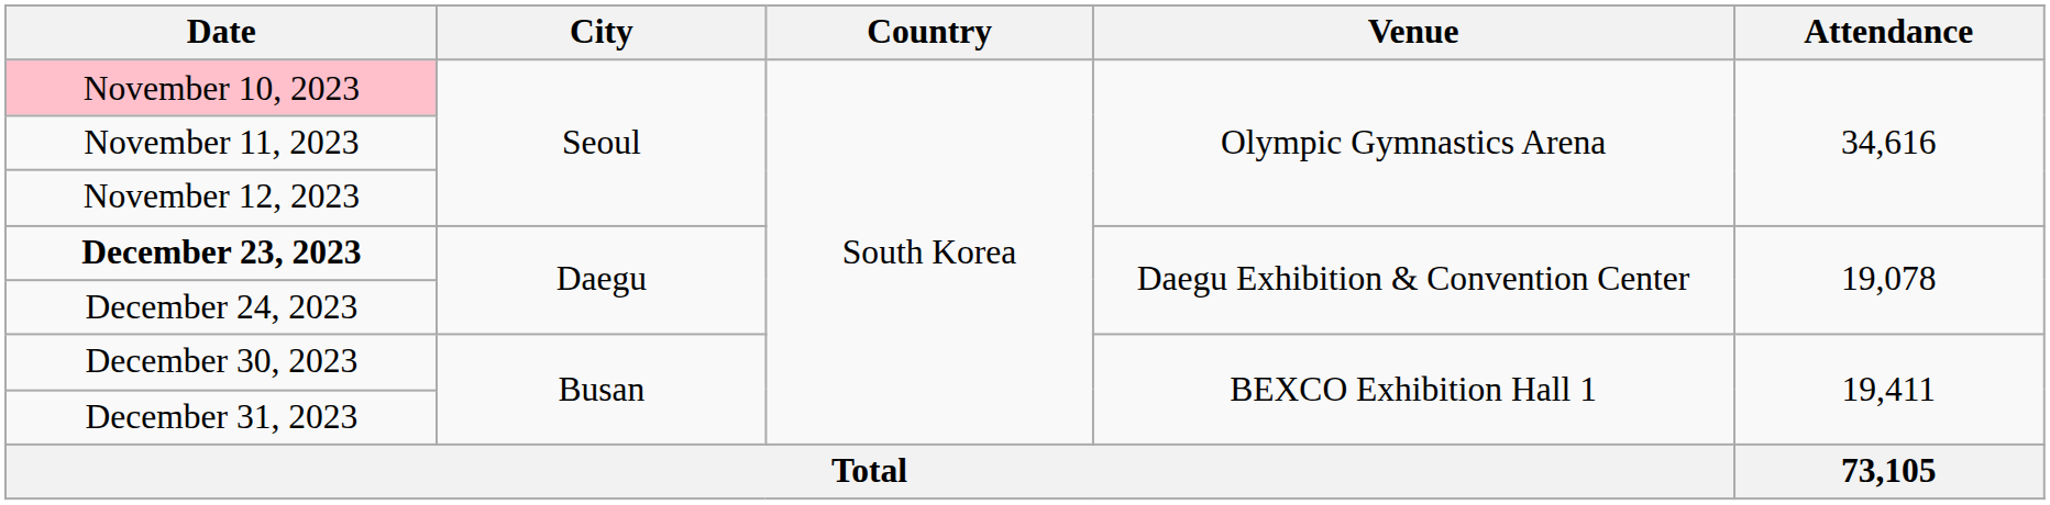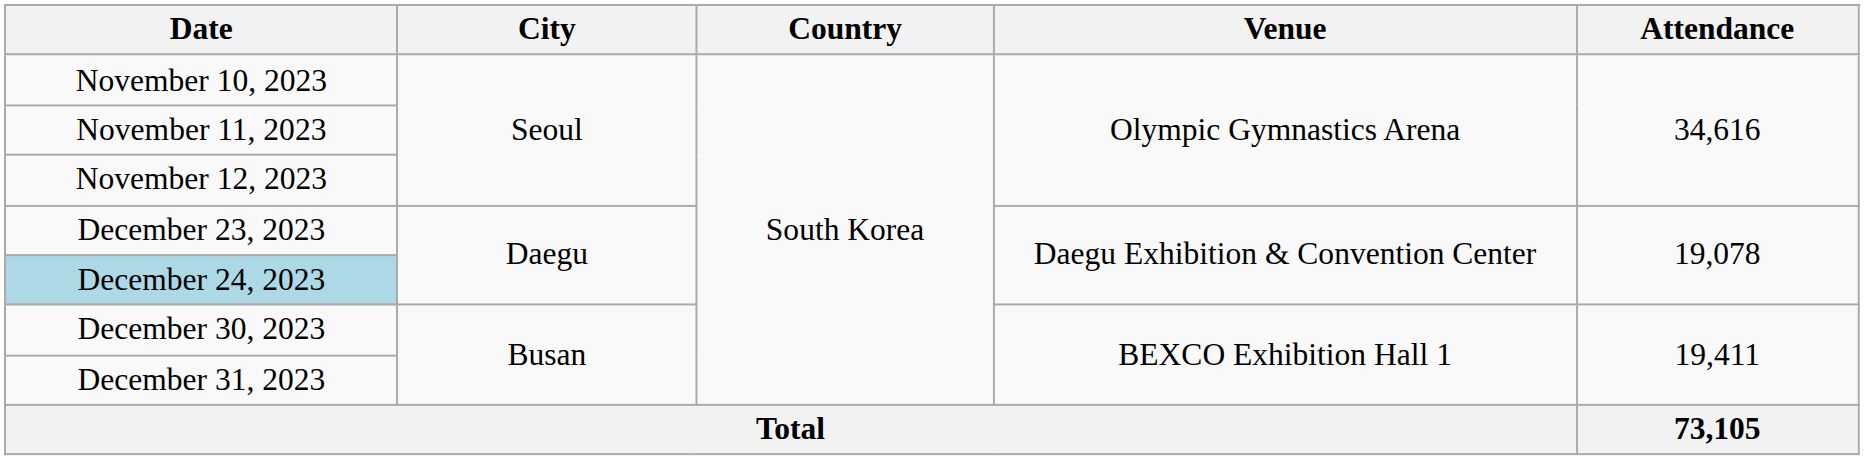 <table class="wikitable" style="text-align:center;">
 <tr>
 <th scope="col" style="width:12em;">Date</th>
 <th scope="col" style="width:9em;">City</th>
 <th scope="col" style="width:9em;">Country</th>
 <th scope="col" style="width:18em;">Venue</th>
 <th scope="col" style="width:8.5em;">Attendance</th>
 </tr>
 <tr>
-<td style="background: pink;">November 10, 2023</td>
+<td>November 10, 2023</td>
 <td rowspan="3">Seoul</td>
 <td rowspan="7">South Korea</td>
 <td rowspan="3">Olympic Gymnastics Arena</td>
 <td rowspan="3">34,616</td>
 </tr>
 <tr>
 <td>November 11, 2023</td>
 </tr>
 <tr>
 <td>November 12, 2023</td>
 </tr>
 <tr>
-<td><strong>December 23, 2023</strong></td>
+<td>December 23, 2023</td>
 <td rowspan="2">Daegu</td>
 <td rowspan="2">Daegu Exhibition & Convention Center</td>
 <td rowspan="2">19,078</td>
 </tr>
 <tr>
-<td>December 24, 2023</td>
+<td style="background: lightblue;">December 24, 2023</td>
 </tr>
 <tr>
 <td>December 30, 2023</td>
 <td rowspan="2">Busan</td>
 <td rowspan="2">BEXCO Exhibition Hall 1</td>
 <td rowspan="2">19,411</td>
 </tr>
 <tr>
 <td>December 31, 2023</td>
 </tr>
 <tr>
 <th colspan="4">Total</th>
 <th>73,105</th>
 </tr>
 </table>
